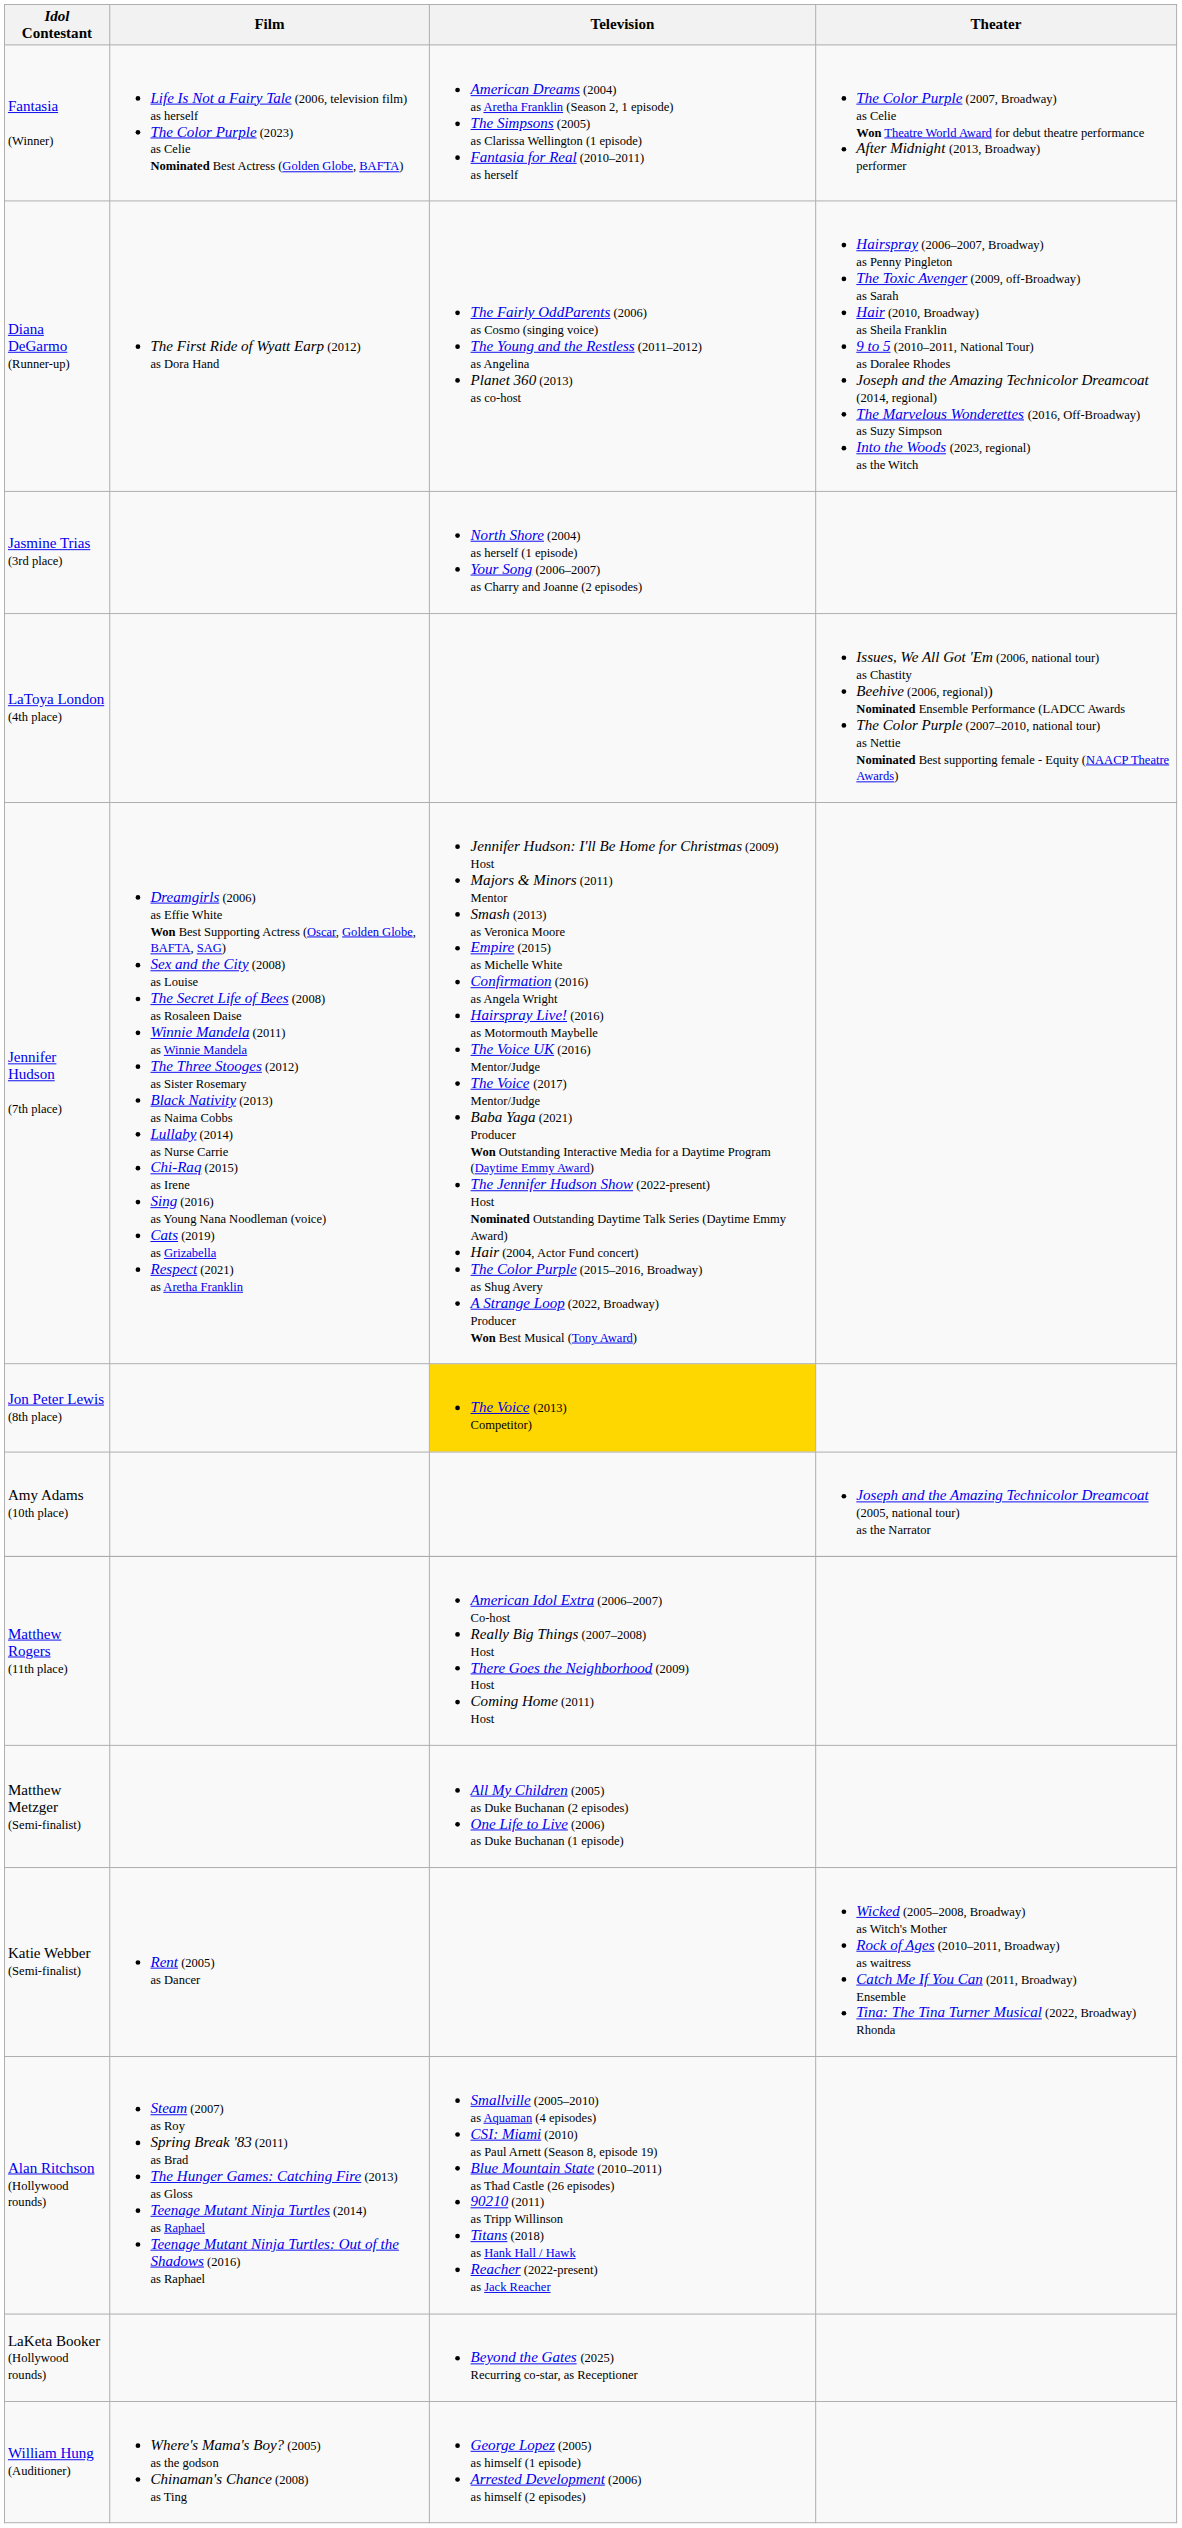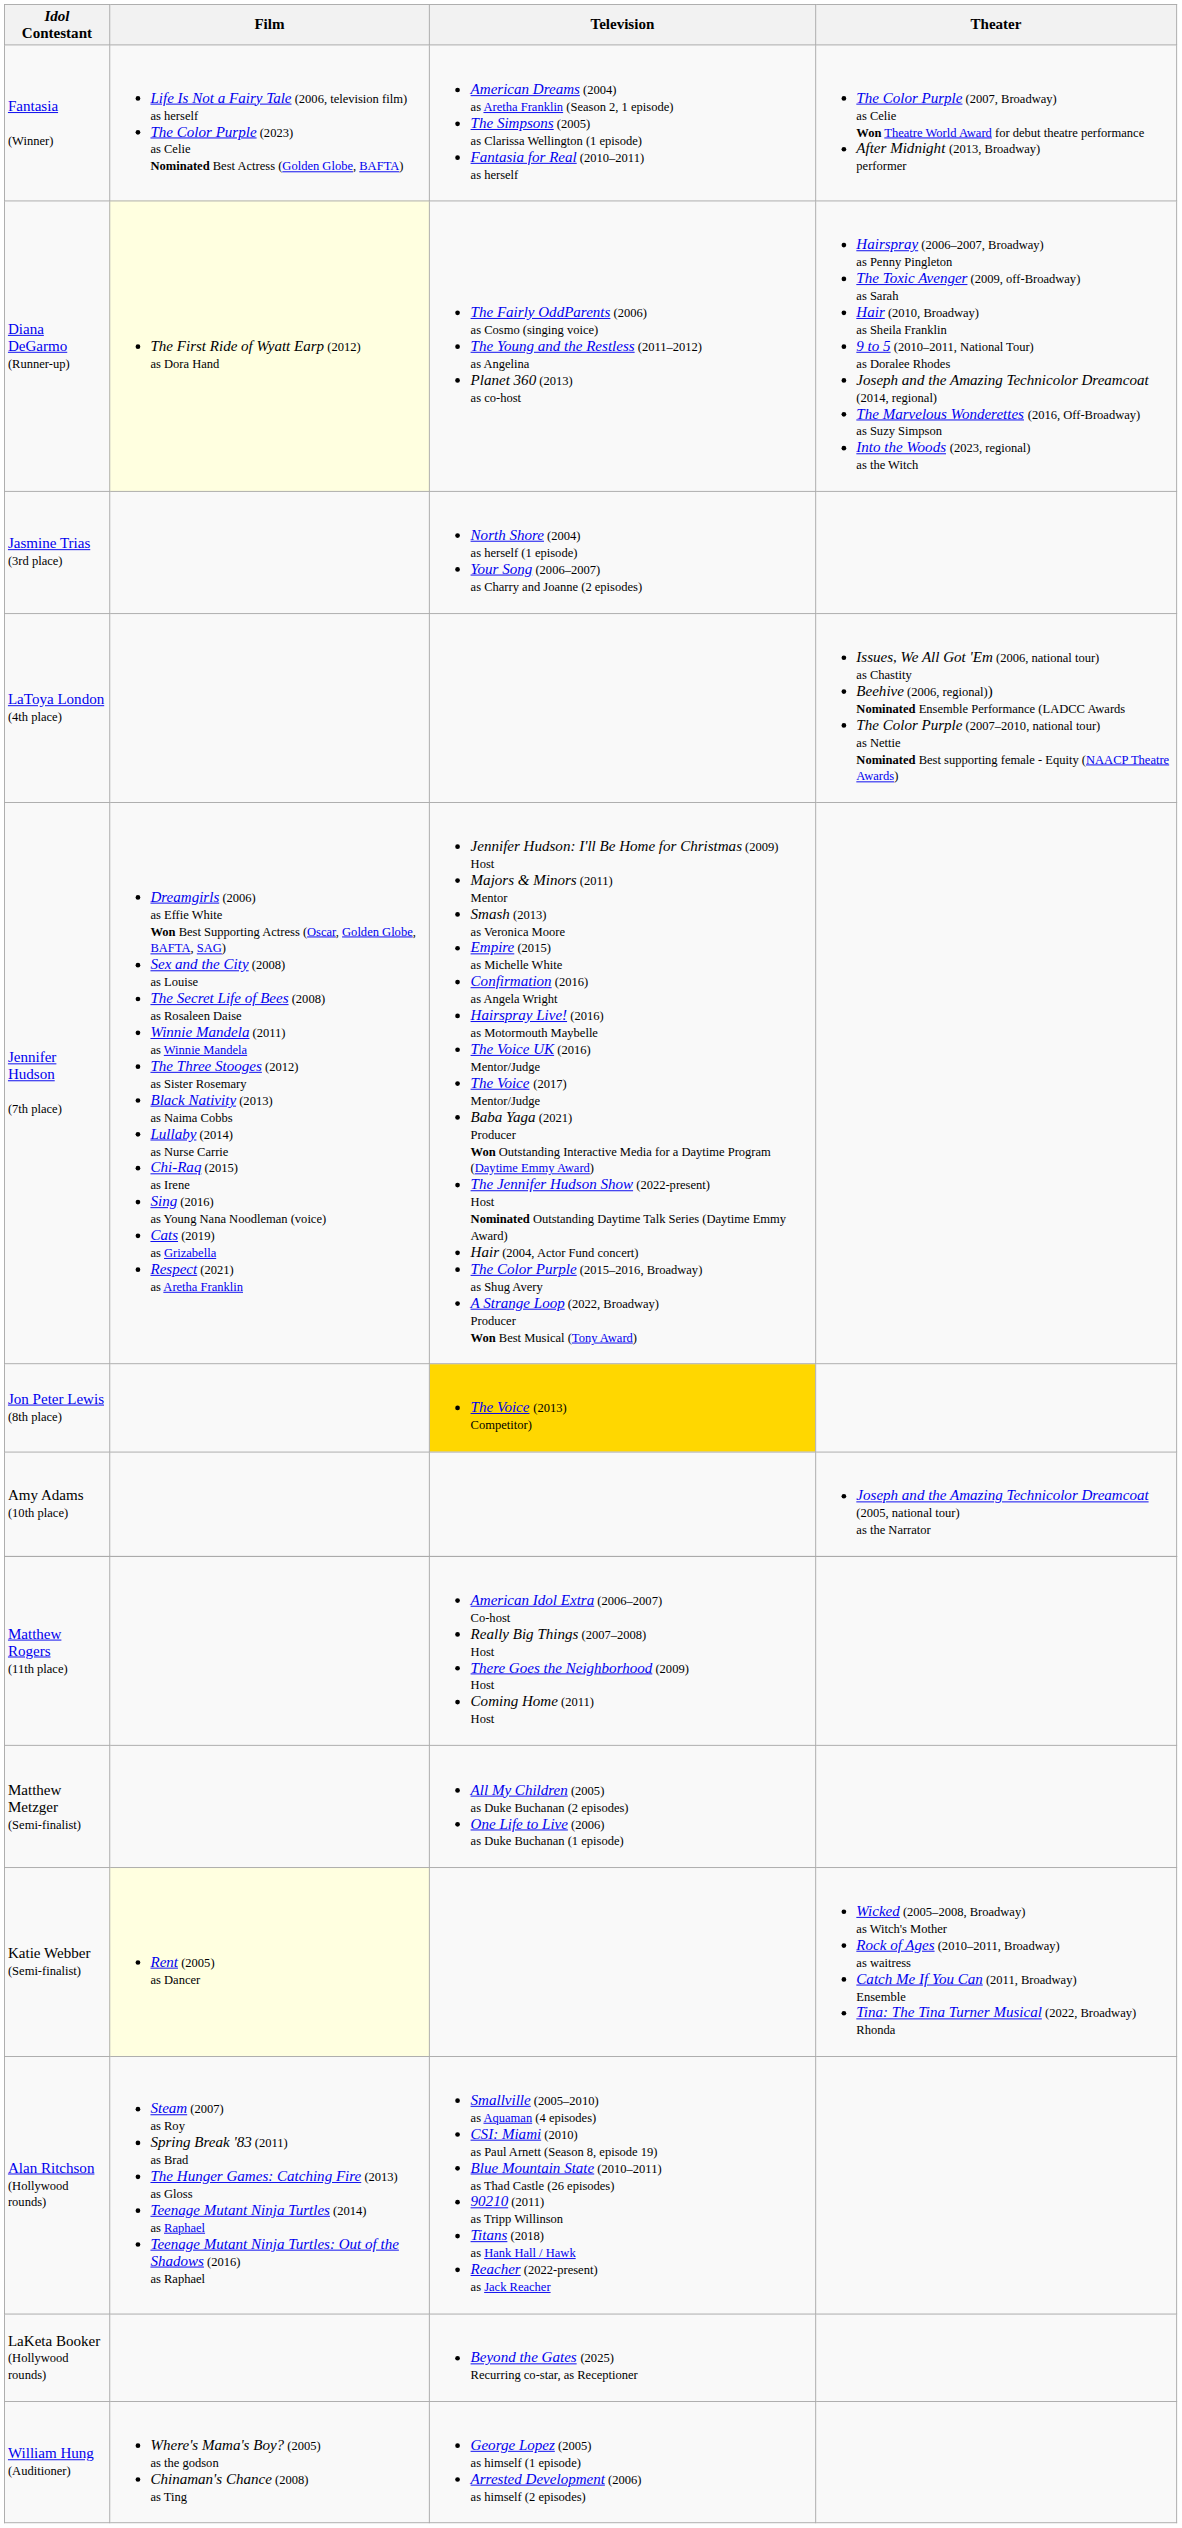 <table class="wikitable">
 <tr>
 <th><em>Idol</em> Contestant</th>
 <th>Film</th>
 <th>Television</th>
 <th>Theater</th>
 </tr>
 <tr>
 <td><a href='#'>Fantasia</a><br><br><small>(Winner)</small></td>
 <td><br><ul><li><em><a href='#'>Life Is Not a Fairy Tale</a></em><small> (2006, television film)<br>as herself</small></li><li><em><a href='#'>The Color Purple</a></em><small> (2023)<br>as Celie</small><br><small><strong>Nominated</strong> Best Actress (<a href='#'>Golden Globe</a>, <a href='#'>BAFTA</a>)</small></li></ul></td>
 <td><br><ul><li><em><a href='#'>American Dreams</a></em><small> (2004)<br>as <a href='#'>Aretha Franklin</a> (Season 2, 1 episode)</small></li><li><em><a href='#'>The Simpsons</a></em><small> (2005)<br>as Clarissa Wellington (1 episode)</small></li><li><em><a href='#'>Fantasia for Real</a></em><small> (2010–2011)<br>as herself</small></li></ul></td>
 <td><br><ul><li><em><a href='#'>The Color Purple</a></em><small> (2007, Broadway)<br>as Celie<br><strong>Won</strong> <a href='#'>Theatre World Award</a> for debut theatre performance</small></li><li><em>After Midnight</em> <small>(2013, Broadway)<br>performer<br></small></li></ul></td>
 </tr>
 <tr>
 <td><a href='#'>Diana DeGarmo</a><br><small>(Runner-up)</small></td>
-<td><br><ul><li><em>The First Ride of Wyatt Earp</em><small> (2012)<br>as Dora Hand</small></li></ul></td>
+<td style="background: lightyellow;"><br><ul><li><em>The First Ride of Wyatt Earp</em><small> (2012)<br>as Dora Hand</small></li></ul></td>
 <td><br><ul><li><em><a href='#'>The Fairly OddParents</a></em><small> (2006)<br>as Cosmo (singing voice)</small></li><li><em><a href='#'>The Young and the Restless</a></em><small> (2011–2012)<br>as Angelina</small></li><li><em>Planet 360</em><small> (2013)<br>as co-host</small></li></ul></td>
 <td><br><ul><li><em><a href='#'>Hairspray</a></em><small> (2006–2007, Broadway)<br> as Penny Pingleton</small></li><li><em><a href='#'>The Toxic Avenger</a></em><small> (2009, off-Broadway)<br> as Sarah</small></li><li><em><a href='#'>Hair</a></em><small> (2010, Broadway)<br> as Sheila Franklin</small></li><li><em><a href='#'>9 to 5</a></em><small> (2010–2011, National Tour)<br>as Doralee Rhodes</small></li><li><em>Joseph and the Amazing Technicolor Dreamcoat</em> <small>(2014, regional)</small></li><li><em><a href='#'>The Marvelous Wonderettes</a></em> <small>(2016, Off-Broadway)<br> as Suzy Simpson</small></li><li><em><a href='#'>Into the Woods</a></em> <small>(2023, regional)<br>as the Witch</small></li></ul></td>
 </tr>
 <tr>
 <td><a href='#'>Jasmine Trias</a><br><small>(3rd place)</small></td>
 <td></td>
 <td><br><ul><li><em><a href='#'>North Shore</a></em><small> (2004)<br> as herself (1 episode)</small></li><li><em><a href='#'>Your Song</a></em><small> (2006–2007)<br> as Charry and Joanne (2 episodes)</small></li></ul></td>
 <td></td>
 </tr>
 <tr>
 <td><a href='#'>LaToya London</a><br><small>(4th place)</small></td>
 <td></td>
 <td></td>
 <td><br><ul><li><em>Issues, We All Got 'Em</em><small> (2006, national tour)<br>as Chastity</small></li><li><em>Beehive</em><small> (2006, regional)</small>)<br><small><strong>Nominated</strong> Ensemble Performance  (LADCC Awards</small></li><li><em>The Color Purple</em><small> (2007–2010, national tour)<br>as Nettie</small><br><small><strong>Nominated</strong> Best supporting female - Equity (<a href='#'>NAACP Theatre Awards</a>)</small></li></ul></td>
 </tr>
 <tr>
 <td><a href='#'>Jennifer Hudson</a><br><br><small>(7th place)</small></td>
 <td><br><ul><li><em><a href='#'>Dreamgirls</a></em><small> (2006)<br> as Effie White<br><strong>Won</strong> Best Supporting Actress (<a href='#'>Oscar</a>, <a href='#'>Golden Globe</a>, <a href='#'>BAFTA</a>, <a href='#'>SAG</a>)</small></li><li><em><a href='#'>Sex and the City</a></em><small> (2008)<br>as Louise</small></li><li><em><a href='#'>The Secret Life of Bees</a></em><small> (2008)<br>as Rosaleen Daise</small></li><li><em><a href='#'>Winnie Mandela</a></em><small> (2011)<br>as <a href='#'>Winnie Mandela</a></small></li><li><em><a href='#'>The Three Stooges</a></em><small> (2012)<br>as Sister Rosemary</small></li><li><em><a href='#'>Black Nativity</a></em><small> (2013)<br>as Naima Cobbs</small></li><li><em><a href='#'>Lullaby</a></em><small> (2014)<br> as Nurse Carrie</small></li><li><em><a href='#'>Chi-Raq</a></em><small> (2015)<br> as Irene</small></li><li><em><a href='#'>Sing</a></em><small> (2016)<br> as Young Nana Noodleman (voice)</small></li><li><em><a href='#'>Cats</a></em><small> (2019)<br> as <a href='#'>Grizabella</a></small></li><li><em><a href='#'>Respect</a></em><small> (2021)<br> as <a href='#'>Aretha Franklin</a></small></li></ul></td>
 <td><br><ul><li><em>Jennifer Hudson: I'll Be Home for Christmas</em><small> (2009)<br>Host</small></li><li><em>Majors & Minors</em><small> (2011)<br>Mentor</small></li><li><em>Smash</em><small> (2013)<br>as Veronica Moore</small></li><li><em><a href='#'>Empire</a></em><small> (2015)<br> as Michelle White</small></li><li><em><a href='#'>Confirmation</a></em><small> (2016)<br> as Angela Wright</small></li><li><em><a href='#'>Hairspray Live!</a></em><small> (2016)<br> as Motormouth Maybelle</small></li><li><em><a href='#'>The Voice UK</a></em><small> (2016)<br>Mentor/Judge</small></li><li><em><a href='#'>The Voice</a></em> <small>(2017)<br>Mentor/Judge</small></li><li><em>Baba Yaga</em><small> (2021)<br>Producer<br><strong>Won</strong> Outstanding Interactive Media for a Daytime Program (<a href='#'>Daytime Emmy Award</a>)</small></li><li><em><a href='#'>The Jennifer Hudson Show</a></em><small> (2022-present)<br>Host<br><strong>Nominated</strong> Outstanding Daytime Talk Series (Daytime Emmy Award)</small></li><li><em>Hair</em><small> (2004, Actor Fund concert)</small></li><li><em><a href='#'>The Color Purple</a></em><small> (2015–2016, Broadway)<br>as Shug Avery</small></li><li><em><a href='#'>A Strange Loop</a></em><small> (2022, Broadway)<br>Producer<br><strong>Won</strong> Best Musical (<a href='#'>Tony Award</a>)</small></li></ul></td>
 </tr>
 <tr>
 <td><a href='#'>Jon Peter Lewis</a><br><small>(8th place)</small></td>
 <td></td>
 <td style="background: gold;"><br><ul><li><em><a href='#'>The Voice</a></em> <small>(2013)<br>Competitor)</small></li></ul></td>
 <td></td>
 </tr>
 <tr>
 <td>Amy Adams<br><small>(10th place)</small></td>
 <td></td>
 <td></td>
 <td><br><ul><li><em><a href='#'>Joseph and the Amazing Technicolor Dreamcoat</a></em><small> (2005, national tour)<br> as the Narrator</small></li></ul></td>
 </tr>
 <tr>
 </tr>
 <tr>
 <td><a href='#'>Matthew Rogers</a><br><small>(11th place)</small></td>
 <td></td>
 <td><br><ul><li><em><a href='#'>American Idol Extra</a></em><small> (2006–2007)<br>Co-host</small></li><li><em>Really Big Things</em><small> (2007–2008)<br>Host</small></li><li><em><a href='#'>There Goes the Neighborhood</a></em><small> (2009)<br>Host</small></li><li><em>Coming Home</em><small> (2011)<br>Host</small></li></ul></td>
 <td></td>
 </tr>
 <tr>
 <td>Matthew Metzger<br><small>(Semi-finalist)</small></td>
 <td></td>
 <td><br><ul><li><em><a href='#'>All My Children</a></em><small> (2005)<br>as Duke Buchanan (2 episodes)</small></li><li><em><a href='#'>One Life to Live</a></em><small> (2006)<br>as Duke Buchanan (1 episode)</small></li></ul></td>
 <td></td>
 </tr>
 <tr>
 <td>Katie Webber<br><small>(Semi-finalist)</small></td>
-<td><br><ul><li><em><a href='#'>Rent</a></em><small> (2005)<br>as Dancer</small></li></ul></td>
+<td style="background: lightyellow;"><br><ul><li><em><a href='#'>Rent</a></em><small> (2005)<br>as Dancer</small></li></ul></td>
 <td></td>
 <td><br><ul><li><em><a href='#'>Wicked</a></em><small> (2005–2008, Broadway)<br>as Witch's Mother<br></small></li><li><em><a href='#'>Rock of Ages</a></em><small> (2010–2011, Broadway)<br>as waitress<br></small></li><li><em><a href='#'>Catch Me If You Can</a></em><small> (2011, Broadway)<br>Ensemble<br></small></li><li><em><a href='#'>Tina: The Tina Turner Musical</a></em><small> (2022, Broadway)<br>Rhonda<br></small></li></ul></td>
 </tr>
 <tr>
 <td><a href='#'>Alan Ritchson</a><br><small>(Hollywood rounds)</small></td>
 <td><br><ul><li><em><a href='#'>Steam</a></em><small> (2007)<br>as Roy</small></li><li><em>Spring Break '83</em><small> (2011)<br>as Brad</small></li><li><em><a href='#'>The Hunger Games: Catching Fire</a></em><small> (2013)<br>as Gloss</small></li><li><em><a href='#'>Teenage Mutant Ninja Turtles</a></em><small> (2014)<br>as <a href='#'>Raphael</a></small></li><li><em><a href='#'>Teenage Mutant Ninja Turtles: Out of the Shadows</a></em><small> (2016)<br>as Raphael</small></li></ul></td>
 <td><br><ul><li><em><a href='#'>Smallville</a></em><small> (2005–2010)<br>as <a href='#'>Aquaman</a> (4 episodes)</small></li><li><em><a href='#'>CSI: Miami</a></em><small> (2010)<br>as Paul Arnett  (Season 8, episode 19)</small></li><li><em><a href='#'>Blue Mountain State</a></em><small> (2010–2011)<br>as Thad Castle (26 episodes)</small></li><li><em><a href='#'>90210</a></em><small> (2011)<br>as Tripp Willinson</small></li><li><em><a href='#'>Titans</a></em><small> (2018)<br> as <a href='#'>Hank Hall / Hawk</a></small></li><li><em><a href='#'>Reacher</a></em><small> (2022-present)<br> as <a href='#'>Jack Reacher</a></small></li></ul></td>
 <td></td>
 </tr>
 <tr>
 <td>LaKeta Booker<br><small>(Hollywood rounds)</small></td>
 <td></td>
 <td><br><ul><li><em><a href='#'>Beyond the Gates</a></em> <small>(2025)<br>Recurring co-star, as Receptioner</small></li></ul></td>
 </tr>
 <tr>
 <td><a href='#'>William Hung</a><br><small>(Auditioner)</small></td>
 <td><br><ul><li><em>Where's Mama's Boy?</em><small> (2005)<br>as the godson</small></li><li><em>Chinaman's Chance</em><small> (2008)<br>as Ting</small></li></ul></td>
 <td><br><ul><li><em><a href='#'>George Lopez</a></em><small> (2005)<br>as himself (1 episode)</small></li><li><em><a href='#'>Arrested Development</a></em><small> (2006)<br>as himself (2 episodes)</small></li></ul></td>
 <td></td>
 </tr>
 </table>
